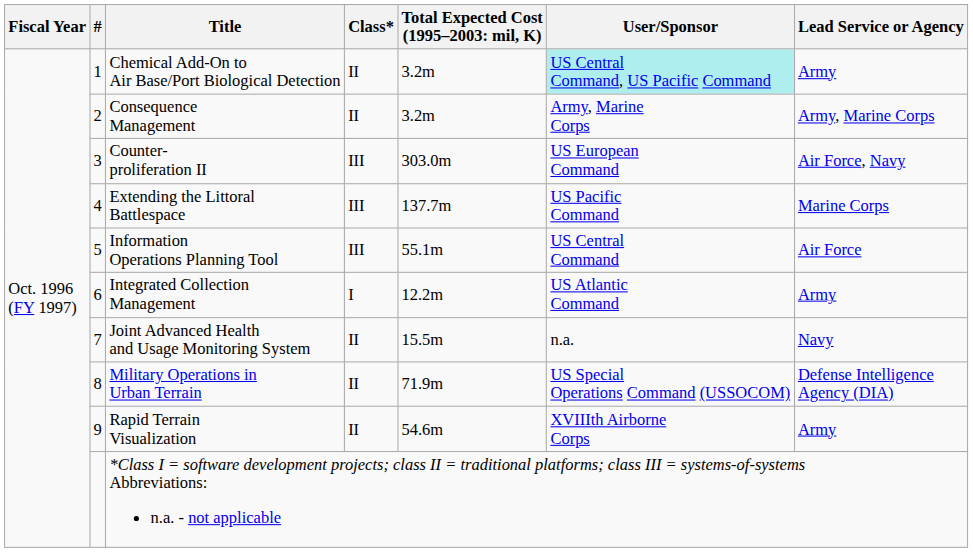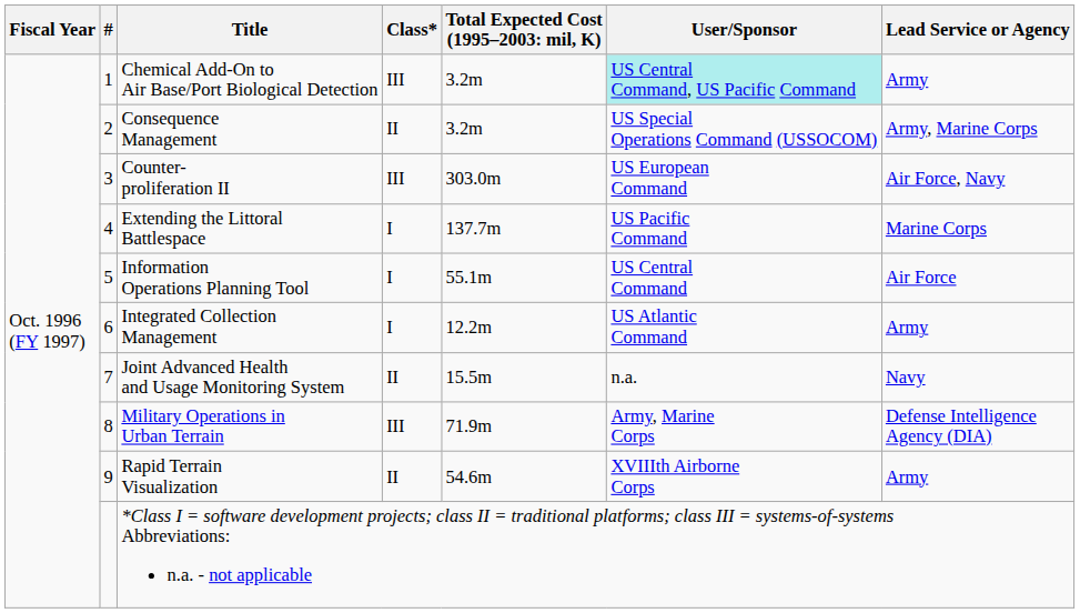 <table class="wikitable sortable mw-collapsible">
 <tr>
 <th>Fiscal Year</th>
 <th>#</th>
 <th>Title</th>
 <th>Class*</th>
 <th>Total Expected Cost<br>(1995–2003: mil, K)</th>
 <th>User/Sponsor</th>
 <th>Lead Service or Agency</th>
 </tr>
 <tr>
 <td rowspan="10">Oct. 1996<br>(<a href='#'>FY</a> 1997)</td>
 <td>1</td>
 <td>Chemical Add-On to<br>Air Base/Port  Biological Detection</td>
-<td>II</td>
+<td>III</td>
 <td>3.2m</td>
 <td style="background: paleturquoise;"><a href='#'>US Central</a><br><a href='#'>Command</a>,  <a href='#'>US Pacific</a>  <a href='#'>Command</a></td>
 <td><a href='#'>Army</a></td>
 </tr>
 <tr>
 <td>2</td>
 <td>Consequence<br>Management</td>
 <td>II</td>
 <td>3.2m</td>
-<td><a href='#'>Army</a>, <a href='#'>Marine</a><br><a href='#'>Corps</a></td>
+<td><a href='#'>US Special</a><br><a href='#'>Operations</a>  <a href='#'>Command</a>  <a href='#'>(USSOCOM)</a></td>
 <td><a href='#'>Army</a>, <a href='#'>Marine Corps</a></td>
 </tr>
 <tr>
 <td>3</td>
 <td>Counter-<br>proliferation II</td>
 <td>III</td>
 <td>303.0m</td>
 <td><a href='#'>US European</a><br><a href='#'>Command</a></td>
 <td><a href='#'>Air Force</a>, <a href='#'>Navy</a></td>
 </tr>
 <tr>
 <td>4</td>
 <td>Extending the Littoral<br>Battlespace</td>
-<td>III</td>
+<td>I</td>
 <td>137.7m</td>
 <td><a href='#'>US Pacific</a><br><a href='#'>Command</a></td>
 <td><a href='#'>Marine Corps</a></td>
 </tr>
 <tr>
 <td>5</td>
 <td>Information<br>Operations Planning  Tool</td>
-<td>III</td>
+<td>I</td>
 <td>55.1m</td>
 <td><a href='#'>US Central</a><br><a href='#'>Command</a></td>
 <td><a href='#'>Air Force</a></td>
 </tr>
 <tr>
 <td>6</td>
 <td>Integrated Collection<br>Management</td>
 <td>I</td>
 <td>12.2m</td>
 <td><a href='#'>US Atlantic</a><br><a href='#'>Command</a></td>
 <td><a href='#'>Army</a></td>
 </tr>
 <tr>
 <td>7</td>
 <td>Joint Advanced Health<br>and Usage Monitoring  System</td>
 <td>II</td>
 <td>15.5m</td>
 <td>n.a.</td>
 <td><a href='#'>Navy</a></td>
 </tr>
 <tr>
 <td>8</td>
 <td><a href='#'>Military Operations in</a><br><a href='#'>Urban Terrain</a></td>
-<td>II</td>
+<td>III</td>
 <td>71.9m</td>
-<td><a href='#'>US Special</a><br><a href='#'>Operations</a>  <a href='#'>Command</a>  <a href='#'>(USSOCOM)</a></td>
+<td><a href='#'>Army</a>, <a href='#'>Marine</a><br><a href='#'>Corps</a></td>
 <td><a href='#'>Defense Intelligence</a><br><a href='#'>Agency (DIA)</a></td>
 </tr>
 <tr>
 <td>9</td>
 <td>Rapid Terrain<br>Visualization</td>
 <td>II</td>
 <td>54.6m</td>
 <td><a href='#'>XVIIIth Airborne</a><br><a href='#'>Corps</a></td>
 <td><a href='#'>Army</a></td>
 </tr>
 <tr>
 <td></td>
 <td colspan="5"><em>*Class I = software development projects; class II = traditional platforms; class III = systems-of-systems</em><br>Abbreviations:<ul><li>n.a. - <a href='#'>not applicable</a></li></ul></td>
 </tr>
 </table>
